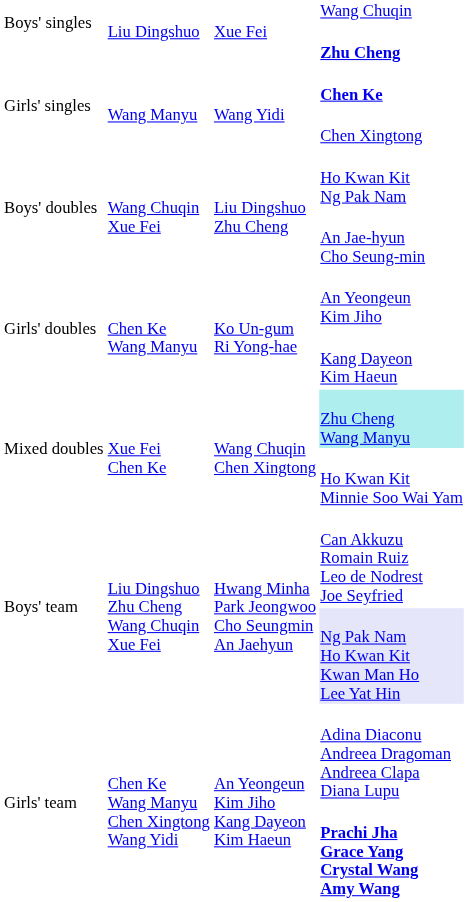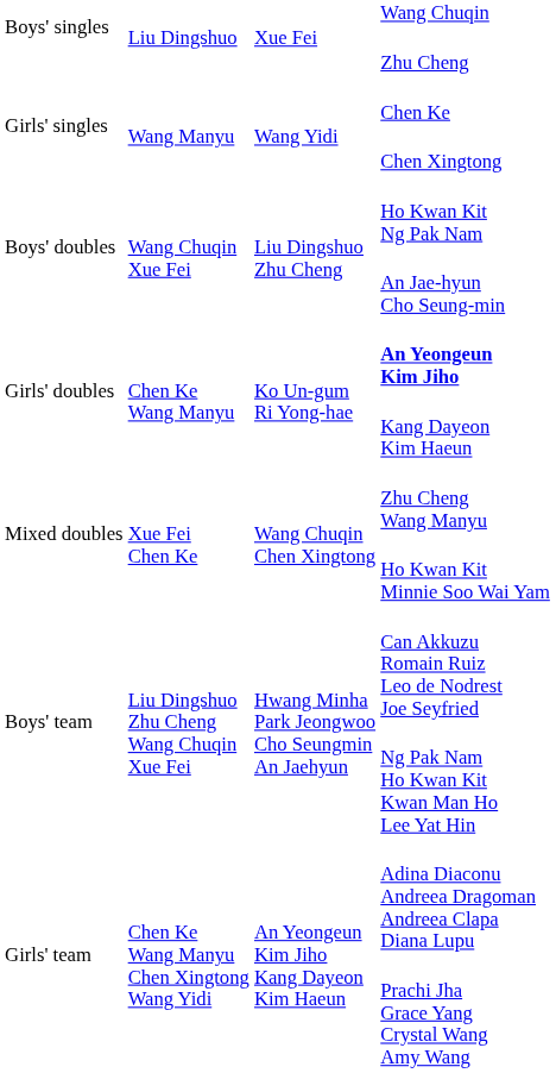 <table>
 <tr>
 <td rowspan=2>Boys' singles</td>
 <td rowspan=2><br><a href='#'>Liu Dingshuo</a></td>
 <td rowspan=2><br><a href='#'>Xue Fei</a></td>
 <td><br><a href='#'>Wang Chuqin</a></td>
 </tr>
 <tr>
-<td><strong><br><a href='#'>Zhu Cheng</a></strong></td>
+<td><br><a href='#'>Zhu Cheng</a></td>
 </tr>
 <tr>
 <td rowspan=2>Girls' singles</td>
 <td rowspan=2><br><a href='#'>Wang Manyu</a></td>
 <td rowspan=2><br><a href='#'>Wang Yidi</a></td>
-<td><strong><br><a href='#'>Chen Ke</a></strong></td>
+<td><br><a href='#'>Chen Ke</a></td>
 </tr>
 <tr>
 <td><br><a href='#'>Chen Xingtong</a></td>
 </tr>
 <tr>
 <td rowspan=2>Boys' doubles</td>
 <td rowspan=2><br><a href='#'>Wang Chuqin</a><br><a href='#'>Xue Fei</a></td>
 <td rowspan=2><br><a href='#'>Liu Dingshuo</a><br><a href='#'>Zhu Cheng</a></td>
 <td><br><a href='#'>Ho Kwan Kit</a><br><a href='#'>Ng Pak Nam</a></td>
 </tr>
 <tr>
 <td><br><a href='#'>An Jae-hyun</a><br><a href='#'>Cho Seung-min</a></td>
 </tr>
 <tr>
 <td rowspan=2>Girls' doubles</td>
 <td rowspan=2><br><a href='#'>Chen Ke</a><br><a href='#'>Wang Manyu</a></td>
 <td rowspan=2><br><a href='#'>Ko Un-gum</a><br><a href='#'>Ri Yong-hae</a></td>
-<td><br><a href='#'>An Yeongeun</a><br><a href='#'>Kim Jiho</a></td>
+<td><strong><br><a href='#'>An Yeongeun</a><br><a href='#'>Kim Jiho</a></strong></td>
 </tr>
 <tr>
 <td><br><a href='#'>Kang Dayeon</a><br><a href='#'>Kim Haeun</a></td>
 </tr>
 <tr>
 <td rowspan=2>Mixed doubles</td>
 <td rowspan=2><br><a href='#'>Xue Fei</a><br><a href='#'>Chen Ke</a></td>
 <td rowspan=2><br><a href='#'>Wang Chuqin</a><br><a href='#'>Chen Xingtong</a></td>
-<td style="background: paleturquoise;"><br><a href='#'>Zhu Cheng</a><br><a href='#'>Wang Manyu</a></td>
+<td><br><a href='#'>Zhu Cheng</a><br><a href='#'>Wang Manyu</a></td>
 </tr>
 <tr>
 <td><br><a href='#'>Ho Kwan Kit</a><br> <a href='#'>Minnie Soo Wai Yam</a></td>
 </tr>
 <tr>
 <td rowspan=2>Boys' team</td>
 <td rowspan=2><br><a href='#'>Liu Dingshuo</a><br><a href='#'>Zhu Cheng</a><br><a href='#'>Wang Chuqin</a><br><a href='#'>Xue Fei</a></td>
 <td rowspan=2><br><a href='#'>Hwang Minha</a><br><a href='#'>Park Jeongwoo</a><br><a href='#'>Cho Seungmin</a><br><a href='#'>An Jaehyun</a></td>
 <td><br><a href='#'>Can Akkuzu</a><br><a href='#'>Romain Ruiz</a><br><a href='#'>Leo de Nodrest</a><br><a href='#'>Joe Seyfried</a></td>
 </tr>
 <tr>
-<td style="background: lavender;"><br><a href='#'>Ng Pak Nam</a><br><a href='#'>Ho Kwan Kit</a><br><a href='#'>Kwan Man Ho</a><br><a href='#'>Lee Yat Hin</a></td>
+<td><br><a href='#'>Ng Pak Nam</a><br><a href='#'>Ho Kwan Kit</a><br><a href='#'>Kwan Man Ho</a><br><a href='#'>Lee Yat Hin</a></td>
 </tr>
 <tr>
 <td rowspan=2>Girls' team</td>
 <td rowspan=2><br><a href='#'>Chen Ke</a><br><a href='#'>Wang Manyu</a><br><a href='#'>Chen Xingtong</a><br><a href='#'>Wang Yidi</a></td>
 <td rowspan=2><br><a href='#'>An Yeongeun</a><br><a href='#'>Kim Jiho</a><br><a href='#'>Kang Dayeon</a><br><a href='#'>Kim Haeun</a></td>
 <td><br><a href='#'>Adina Diaconu</a><br><a href='#'>Andreea Dragoman</a><br><a href='#'>Andreea Clapa</a><br><a href='#'>Diana Lupu</a></td>
 </tr>
 <tr>
-<td><strong><br><a href='#'>Prachi Jha</a><br><a href='#'>Grace Yang</a><br><a href='#'>Crystal Wang</a><br><a href='#'>Amy Wang</a></strong></td>
+<td><br><a href='#'>Prachi Jha</a><br><a href='#'>Grace Yang</a><br><a href='#'>Crystal Wang</a><br><a href='#'>Amy Wang</a></td>
 </tr>
 </table>
